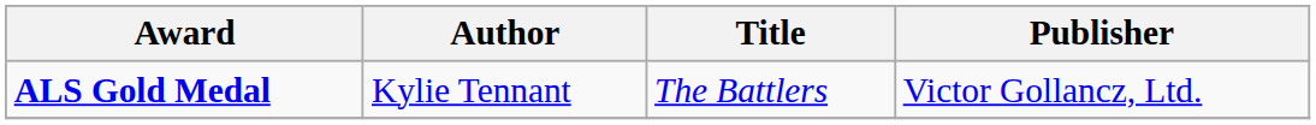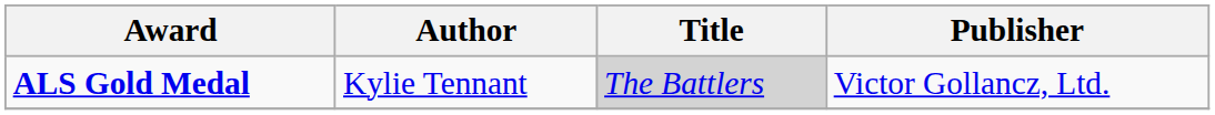 <table class="wikitable" width=95%>
 <tr>
 <th>Award</th>
 <th>Author</th>
 <th>Title</th>
 <th>Publisher</th>
 </tr>
 <tr>
 <td><strong><a href='#'>ALS Gold Medal</a></strong></td>
 <td><a href='#'>Kylie Tennant</a></td>
-<td><em><a href='#'>The Battlers</a></em></td>
+<td style="background: lightgrey;"><em><a href='#'>The Battlers</a></em></td>
 <td><a href='#'>Victor Gollancz, Ltd.</a></td>
 </tr>
 <tr>
 </tr>
 </table>
